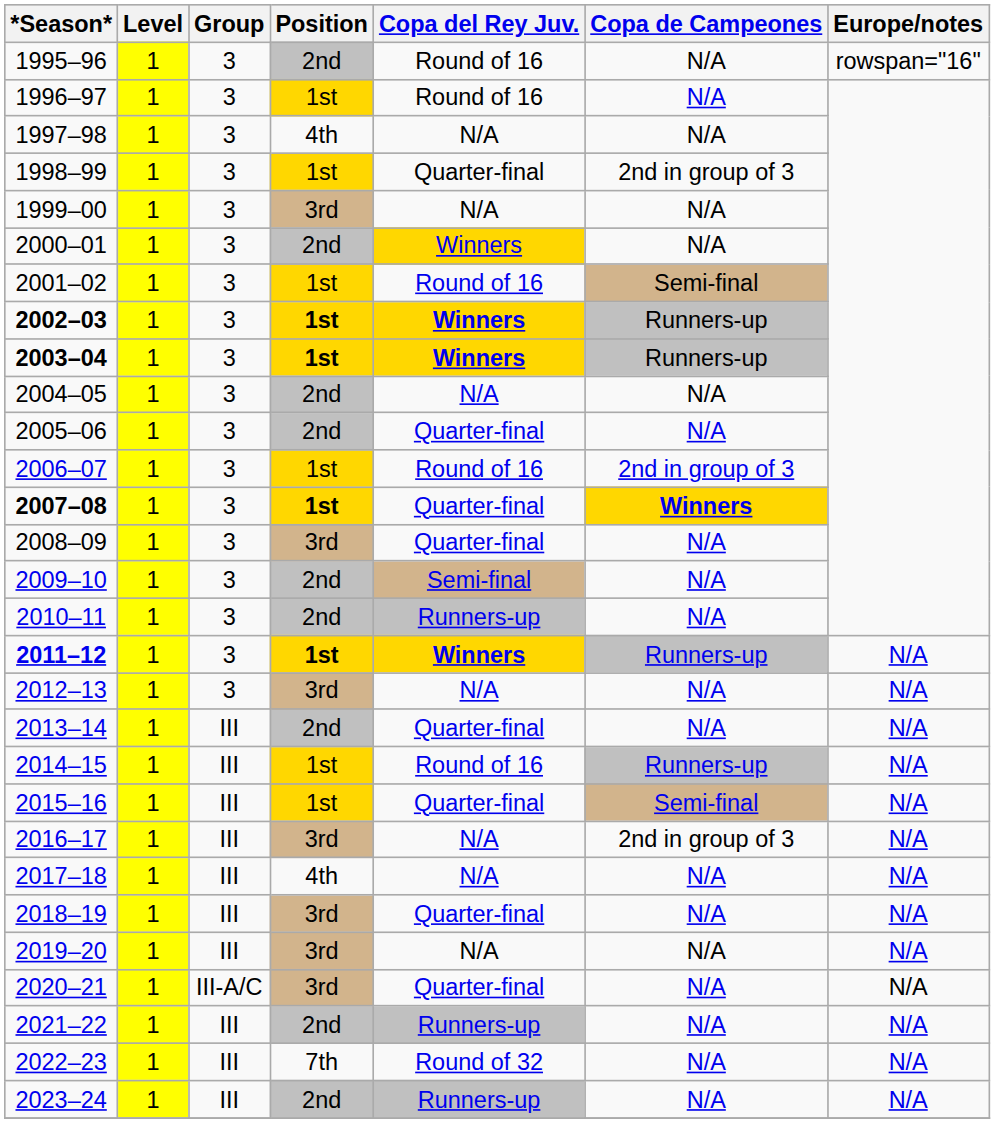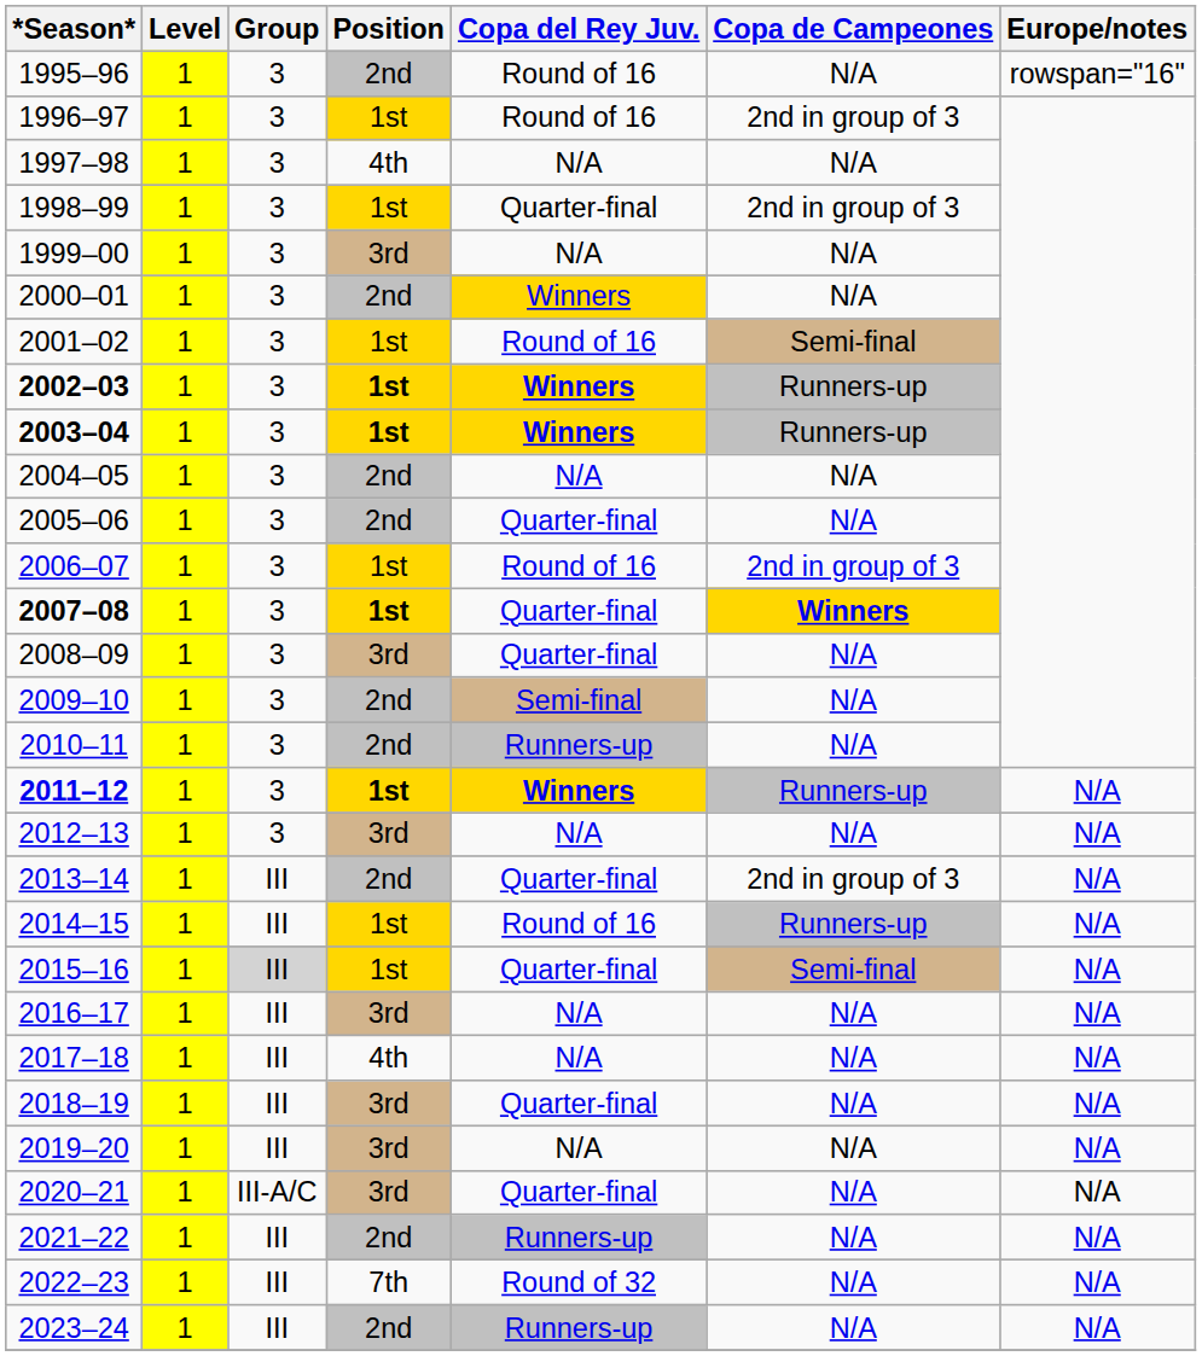 <table class="wikitable" style="text-align:center; font-size:90%">
 <tr>
 <th>*Season*</th>
 <th>Level</th>
 <th>Group</th>
 <th>Position</th>
 <th><a href='#'>Copa del Rey Juv.</a></th>
 <th><a href='#'>Copa de Campeones</a></th>
 <th>Europe/notes</th>
 </tr>
 <tr>
 <td>1995–96</td>
 <td bgcolor=#FFFF00>1</td>
 <td>3</td>
 <td bgcolor=silver>2nd</td>
 <td>Round of 16</td>
 <td>N/A</td>
 <td>rowspan="16" </td>
 </tr>
 <tr>
 <td>1996–97</td>
 <td bgcolor=#FFFF00>1</td>
 <td>3</td>
 <td bgcolor=gold>1st</td>
 <td>Round of 16</td>
-<td><a href='#'>N/A</a></td>
+<td>2nd in group of 3</td>
 </tr>
 <tr>
 <td>1997–98</td>
 <td bgcolor=#FFFF00>1</td>
 <td>3</td>
 <td>4th</td>
 <td>N/A</td>
 <td>N/A</td>
 </tr>
 <tr>
 <td>1998–99</td>
 <td bgcolor=#FFFF00>1</td>
 <td>3</td>
 <td bgcolor=gold>1st</td>
 <td>Quarter-final</td>
 <td>2nd in group of 3</td>
 </tr>
 <tr>
 <td>1999–00</td>
 <td bgcolor=#FFFF00>1</td>
 <td>3</td>
 <td bgcolor=#D2B48C>3rd</td>
 <td>N/A</td>
 <td>N/A</td>
 </tr>
 <tr>
 <td>2000–01</td>
 <td bgcolor=#FFFF00>1</td>
 <td>3</td>
 <td bgcolor=silver>2nd</td>
 <td bgcolor=gold><a href='#'>Winners</a></td>
 <td>N/A</td>
 </tr>
 <tr>
 <td>2001–02</td>
 <td bgcolor=#FFFF00>1</td>
 <td>3</td>
 <td bgcolor=gold>1st</td>
 <td><a href='#'>Round of 16</a></td>
 <td bgcolor=#D2B48C>Semi-final</td>
 </tr>
 <tr>
 <td><strong>2002–03</strong></td>
 <td bgcolor=#FFFF00>1</td>
 <td>3</td>
 <td bgcolor=gold><strong>1st</strong></td>
 <td bgcolor=gold><a href='#'><strong>Winners</strong></a></td>
 <td bgcolor=silver>Runners-up</td>
 </tr>
 <tr>
 <td><strong>2003–04</strong></td>
 <td bgcolor=#FFFF00>1</td>
 <td>3</td>
 <td bgcolor=gold><strong>1st</strong></td>
 <td bgcolor=gold><a href='#'><strong>Winners</strong></a></td>
 <td bgcolor=silver>Runners-up</td>
 </tr>
 <tr>
 <td>2004–05</td>
 <td bgcolor=#FFFF00>1</td>
 <td>3</td>
 <td bgcolor=silver>2nd</td>
 <td><a href='#'>N/A</a></td>
 <td>N/A</td>
 </tr>
 <tr>
 <td>2005–06</td>
 <td bgcolor=#FFFF00>1</td>
 <td>3</td>
 <td bgcolor=silver>2nd</td>
 <td><a href='#'>Quarter-final</a></td>
 <td><a href='#'>N/A</a></td>
 </tr>
 <tr>
 <td><a href='#'>2006–07</a></td>
 <td bgcolor=#FFFF00>1</td>
 <td>3</td>
 <td bgcolor=gold>1st</td>
 <td><a href='#'>Round of 16</a></td>
 <td><a href='#'>2nd in group of 3</a></td>
 </tr>
 <tr>
 <td><strong>2007–08</strong></td>
 <td bgcolor=#FFFF00>1</td>
 <td>3</td>
 <td bgcolor=gold><strong>1st</strong></td>
 <td><a href='#'>Quarter-final</a></td>
 <td bgcolor=gold><a href='#'><strong>Winners</strong></a></td>
 </tr>
 <tr>
 <td>2008–09</td>
 <td bgcolor=#FFFF00>1</td>
 <td>3</td>
 <td bgcolor=#D2B48C>3rd</td>
 <td><a href='#'>Quarter-final</a></td>
 <td><a href='#'>N/A</a></td>
 </tr>
 <tr>
 <td><a href='#'>2009–10</a></td>
 <td bgcolor=#FFFF00>1</td>
 <td>3</td>
 <td bgcolor=silver>2nd</td>
 <td bgcolor=#D2B48C><a href='#'>Semi-final</a></td>
 <td><a href='#'>N/A</a></td>
 </tr>
 <tr>
 <td><a href='#'>2010–11</a></td>
 <td bgcolor=#FFFF00>1</td>
 <td>3</td>
 <td bgcolor=silver>2nd</td>
 <td bgcolor=silver><a href='#'>Runners-up</a></td>
 <td><a href='#'>N/A</a></td>
 </tr>
 <tr>
 <td><strong><a href='#'>2011–12</a></strong></td>
 <td bgcolor=#FFFF00>1</td>
 <td>3</td>
 <td bgcolor=gold><strong>1st</strong></td>
 <td bgcolor=gold><a href='#'><strong>Winners</strong></a></td>
 <td bgcolor=silver><a href='#'>Runners-up</a></td>
 <td><a href='#'>N/A</a></td>
 </tr>
 <tr>
 <td><a href='#'>2012–13</a></td>
 <td bgcolor=#FFFF00>1</td>
 <td>3</td>
 <td bgcolor=#D2B48C>3rd</td>
 <td><a href='#'>N/A</a></td>
 <td><a href='#'>N/A</a></td>
 <td><a href='#'>N/A</a></td>
 </tr>
 <tr>
 <td><a href='#'>2013–14</a></td>
 <td bgcolor=#FFFF00>1</td>
 <td>III</td>
 <td bgcolor=silver>2nd</td>
 <td><a href='#'>Quarter-final</a></td>
-<td><a href='#'>N/A</a></td>
+<td>2nd in group of 3</td>
 <td><a href='#'>N/A</a></td>
 </tr>
 <tr>
 <td><a href='#'>2014–15</a></td>
 <td bgcolor=#FFFF00>1</td>
 <td>III</td>
 <td bgcolor=gold>1st</td>
 <td><a href='#'>Round of 16</a></td>
 <td bgcolor=silver><a href='#'>Runners-up</a></td>
 <td><a href='#'>N/A</a></td>
 </tr>
 <tr>
 <td><a href='#'>2015–16</a></td>
 <td bgcolor=#FFFF00>1</td>
-<td>III</td>
+<td style="background: lightgrey;">III</td>
 <td bgcolor=gold>1st</td>
 <td><a href='#'>Quarter-final</a></td>
 <td bgcolor=#D2B48C><a href='#'>Semi-final</a></td>
 <td><a href='#'>N/A</a></td>
 </tr>
 <tr>
 <td><a href='#'>2016–17</a></td>
 <td bgcolor=#FFFF00>1</td>
 <td>III</td>
 <td bgcolor=#D2B48C>3rd</td>
 <td><a href='#'>N/A</a></td>
-<td>2nd in group of 3</td>
+<td><a href='#'>N/A</a></td>
 <td><a href='#'>N/A</a></td>
 </tr>
 <tr>
 <td><a href='#'>2017–18</a></td>
 <td bgcolor=#FFFF00>1</td>
 <td>III</td>
 <td>4th</td>
 <td><a href='#'>N/A</a></td>
 <td><a href='#'>N/A</a></td>
 <td><a href='#'>N/A</a></td>
 </tr>
 <tr>
 <td><a href='#'>2018–19</a></td>
 <td bgcolor=#FFFF00>1</td>
 <td>III</td>
 <td bgcolor=#D2B48C>3rd</td>
 <td><a href='#'>Quarter-final</a></td>
 <td><a href='#'>N/A</a></td>
 <td><a href='#'>N/A</a></td>
 </tr>
 <tr>
 <td><a href='#'>2019–20</a></td>
 <td bgcolor=#FFFF00>1</td>
 <td>III</td>
 <td bgcolor=#D2B48C>3rd</td>
 <td>N/A</td>
 <td>N/A</td>
 <td><a href='#'>N/A</a></td>
 </tr>
 <tr>
 <td><a href='#'>2020–21</a></td>
 <td bgcolor=#FFFF00>1</td>
 <td>III-A/C</td>
 <td bgcolor=#D2B48C>3rd</td>
 <td><a href='#'>Quarter-final</a></td>
 <td><a href='#'>N/A</a></td>
 <td>N/A</td>
 </tr>
 <tr>
 <td><a href='#'>2021–22</a></td>
 <td bgcolor=#FFFF00>1</td>
 <td>III</td>
 <td bgcolor=silver>2nd</td>
 <td bgcolor=silver><a href='#'>Runners-up</a></td>
 <td><a href='#'>N/A</a></td>
 <td><a href='#'>N/A</a></td>
 </tr>
 <tr>
 <td><a href='#'>2022–23</a></td>
 <td bgcolor=#FFFF00>1</td>
 <td>III</td>
 <td>7th</td>
 <td><a href='#'>Round of 32</a></td>
 <td><a href='#'>N/A</a></td>
 <td><a href='#'>N/A</a></td>
 </tr>
 <tr>
 <td><a href='#'>2023–24</a></td>
 <td bgcolor=#FFFF00>1</td>
 <td>III</td>
 <td bgcolor=silver>2nd</td>
 <td bgcolor=silver><a href='#'>Runners-up</a></td>
 <td><a href='#'>N/A</a></td>
 <td><a href='#'>N/A</a></td>
 </tr>
 <tr>
 </tr>
 </table>
